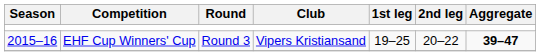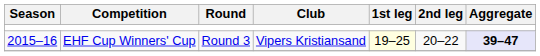 <table class="wikitable">
 <tr>
 <th>Season</th>
 <th>Competition</th>
 <th>Round</th>
 <th>Club</th>
 <th>1st leg</th>
 <th>2nd leg</th>
 <th>Aggregate</th>
 </tr>
 <tr>
 <td colspan="7" bgcolor=white></td>
 </tr>
 <tr>
 <td><a href='#'>2015–16</a></td>
 <td><a href='#'>EHF Cup Winners' Cup</a></td>
 <td style="text-align:center;"><a href='#'>Round 3</a></td>
 <td> <a href='#'>Vipers Kristiansand</a></td>
-<td style="text-align:center;">19–25</td>
+<td style="background: lightyellow; text-align:center;">19–25</td>
 <td style="text-align:center;">20–22</td>
-<td style="text-align:center;"><strong>39–47</strong></td>
+<td style="background: lavender; text-align:center;"><strong>39–47</strong></td>
 </tr>
 <tr>
 </tr>
 </table>
